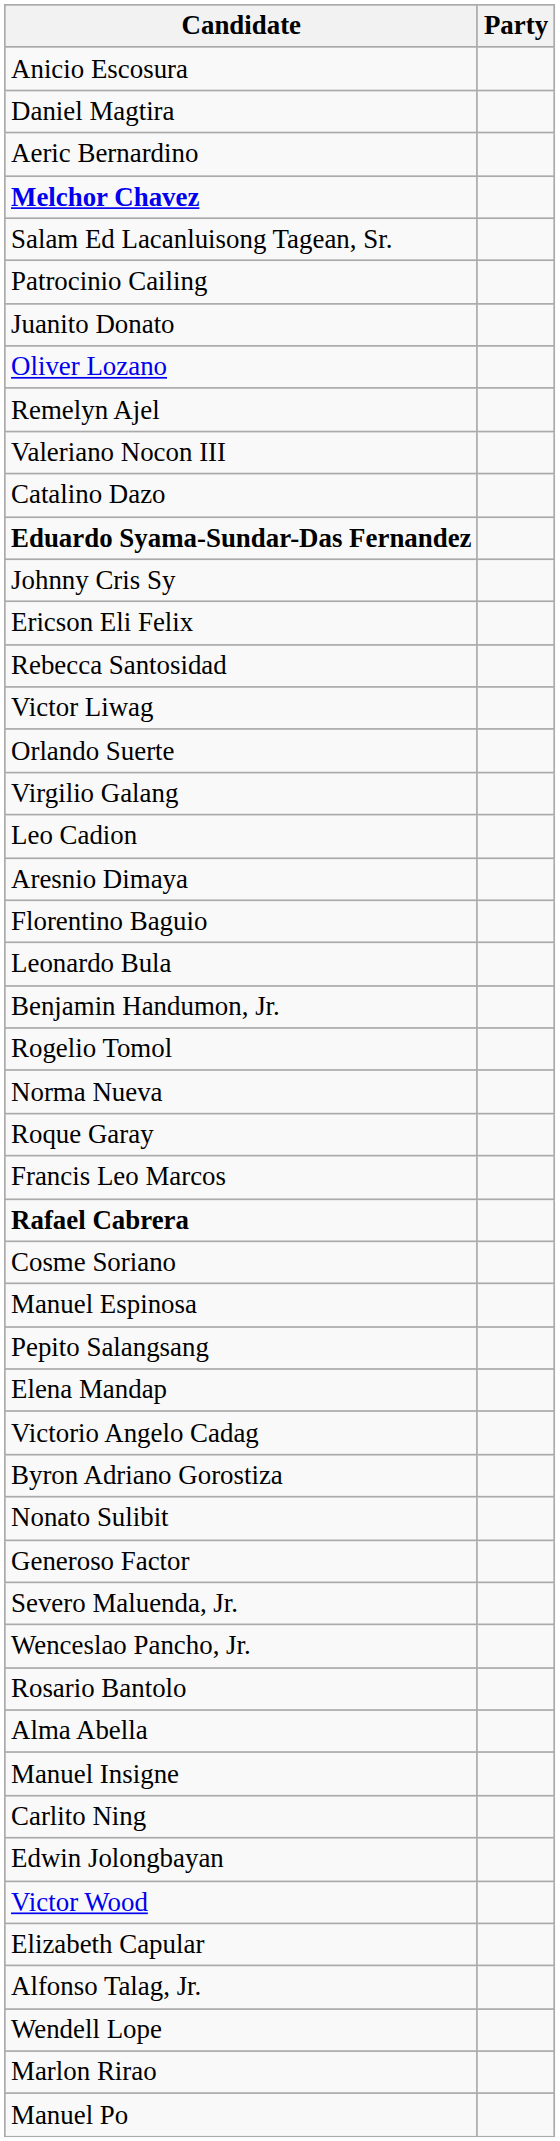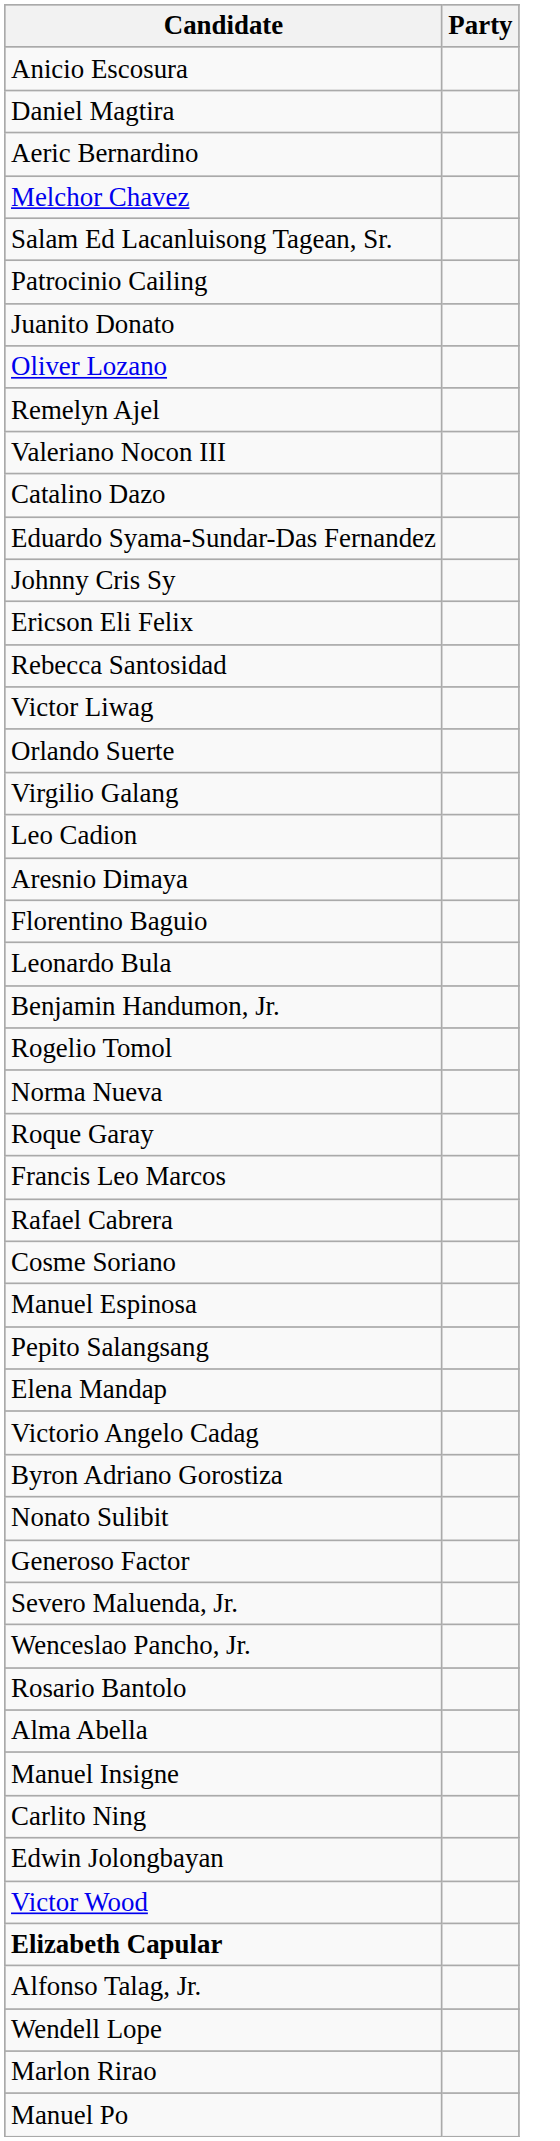 <table class="wikitable collapsible collapsed">
 <tr>
 <th>Candidate</th>
 <th colspan=2>Party</th>
 </tr>
 <tr>
 <td>Anicio Escosura</td>
 <td></td>
 </tr>
 <tr>
 <td>Daniel Magtira</td>
 <td></td>
 </tr>
 <tr>
 <td>Aeric Bernardino</td>
 <td></td>
 </tr>
 <tr>
-<td><strong><a href='#'>Melchor Chavez</a></strong></td>
+<td><a href='#'>Melchor Chavez</a></td>
 <td></td>
 </tr>
 <tr>
 <td>Salam Ed Lacanluisong Tagean, Sr.</td>
 <td></td>
 </tr>
 <tr>
 <td>Patrocinio Cailing</td>
 <td></td>
 </tr>
 <tr>
 <td>Juanito Donato</td>
 <td></td>
 </tr>
 <tr>
 <td><a href='#'>Oliver Lozano</a></td>
 <td></td>
 </tr>
 <tr>
 <td>Remelyn Ajel</td>
 <td></td>
 </tr>
 <tr>
 <td>Valeriano Nocon III</td>
 <td></td>
 </tr>
 <tr>
 <td>Catalino Dazo</td>
 <td></td>
 </tr>
 <tr>
-<td><strong>Eduardo Syama-Sundar-Das Fernandez</strong></td>
+<td>Eduardo Syama-Sundar-Das Fernandez</td>
 <td></td>
 </tr>
 <tr>
 <td>Johnny Cris Sy</td>
 <td></td>
 </tr>
 <tr>
 <td>Ericson Eli Felix</td>
 <td></td>
 </tr>
 <tr>
 <td>Rebecca Santosidad</td>
 <td></td>
 </tr>
 <tr>
 <td>Victor Liwag</td>
 <td></td>
 </tr>
 <tr>
 <td>Orlando Suerte</td>
 <td></td>
 </tr>
 <tr>
 <td>Virgilio Galang</td>
 <td></td>
 </tr>
 <tr>
 <td>Leo Cadion</td>
 <td></td>
 </tr>
 <tr>
 <td>Aresnio Dimaya</td>
 <td></td>
 </tr>
 <tr>
 <td>Florentino Baguio</td>
 <td></td>
 </tr>
 <tr>
 <td>Leonardo Bula</td>
 <td></td>
 </tr>
 <tr>
 <td>Benjamin Handumon, Jr.</td>
 <td></td>
 </tr>
 <tr>
 <td>Rogelio Tomol</td>
 <td></td>
 </tr>
 <tr>
 <td>Norma Nueva</td>
 <td></td>
 </tr>
 <tr>
 <td>Roque Garay</td>
 <td></td>
 </tr>
 <tr>
 <td>Francis Leo Marcos</td>
 <td></td>
 </tr>
 <tr>
-<td><strong>Rafael Cabrera</strong></td>
+<td>Rafael Cabrera</td>
 <td></td>
 </tr>
 <tr>
 <td>Cosme Soriano</td>
 <td></td>
 </tr>
 <tr>
 <td>Manuel Espinosa</td>
 <td></td>
 </tr>
 <tr>
 <td>Pepito Salangsang</td>
 <td></td>
 </tr>
 <tr>
 <td>Elena Mandap</td>
 <td></td>
 </tr>
 <tr>
 <td>Victorio Angelo Cadag</td>
 <td></td>
 </tr>
 <tr>
 <td>Byron Adriano Gorostiza</td>
 <td></td>
 </tr>
 <tr>
 <td>Nonato Sulibit</td>
 <td></td>
 </tr>
 <tr>
 <td>Generoso Factor</td>
 <td></td>
 </tr>
 <tr>
 <td>Severo Maluenda, Jr.</td>
 <td></td>
 </tr>
 <tr>
 <td>Wenceslao Pancho, Jr.</td>
 <td></td>
 </tr>
 <tr>
 <td>Rosario Bantolo</td>
 <td></td>
 </tr>
 <tr>
 <td>Alma Abella</td>
 <td></td>
 </tr>
 <tr>
 <td>Manuel Insigne</td>
 <td></td>
 </tr>
 <tr>
 <td>Carlito Ning</td>
 <td></td>
 </tr>
 <tr>
 <td>Edwin Jolongbayan</td>
 <td></td>
 </tr>
 <tr>
 <td><a href='#'>Victor Wood</a></td>
 <td></td>
 </tr>
 <tr>
-<td>Elizabeth Capular</td>
+<td><strong>Elizabeth Capular</strong></td>
 <td></td>
 </tr>
 <tr>
 <td>Alfonso Talag, Jr.</td>
 <td></td>
 </tr>
 <tr>
 <td>Wendell Lope</td>
 <td></td>
 </tr>
 <tr>
 <td>Marlon Rirao</td>
 <td></td>
 </tr>
 <tr>
 <td>Manuel Po</td>
 <td></td>
 </tr>
 </table>
